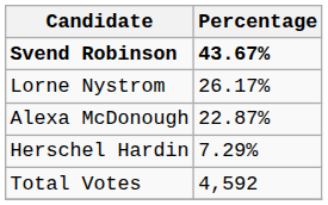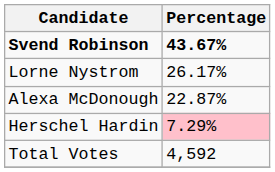 <table class="wikitable">
 <tr>
 <th>Candidate</th>
 <th>Percentage</th>
 </tr>
 <tr>
 <td><strong>Svend Robinson</strong></td>
 <td><strong>43.67%</strong></td>
 </tr>
 <tr>
 <td>Lorne Nystrom</td>
 <td>26.17%</td>
 </tr>
 <tr>
 <td>Alexa McDonough</td>
 <td>22.87%</td>
 </tr>
 <tr>
 <td>Herschel Hardin</td>
-<td>7.29%</td>
+<td style="background: pink;">7.29%</td>
 </tr>
 <tr>
 <td>Total Votes</td>
 <td>4,592</td>
 </tr>
 <tr>
 </tr>
 </table>
